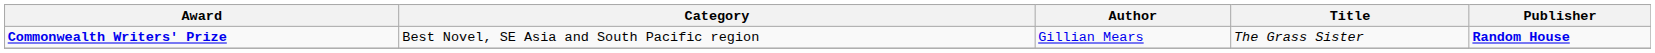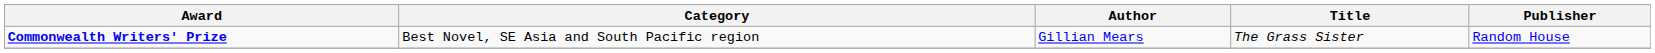 <table class="wikitable" width=100%>
 <tr>
 <th>Award</th>
 <th>Category</th>
 <th>Author</th>
 <th>Title</th>
 <th>Publisher</th>
 </tr>
 <tr>
 <td><strong><a href='#'>Commonwealth Writers' Prize</a></strong></td>
 <td>Best Novel, SE Asia and South Pacific region</td>
 <td><a href='#'>Gillian Mears</a></td>
 <td><em>The Grass Sister</em></td>
-<td><strong><a href='#'>Random House</a></strong></td>
+<td><a href='#'>Random House</a></td>
 </tr>
 <tr>
 </tr>
 </table>
